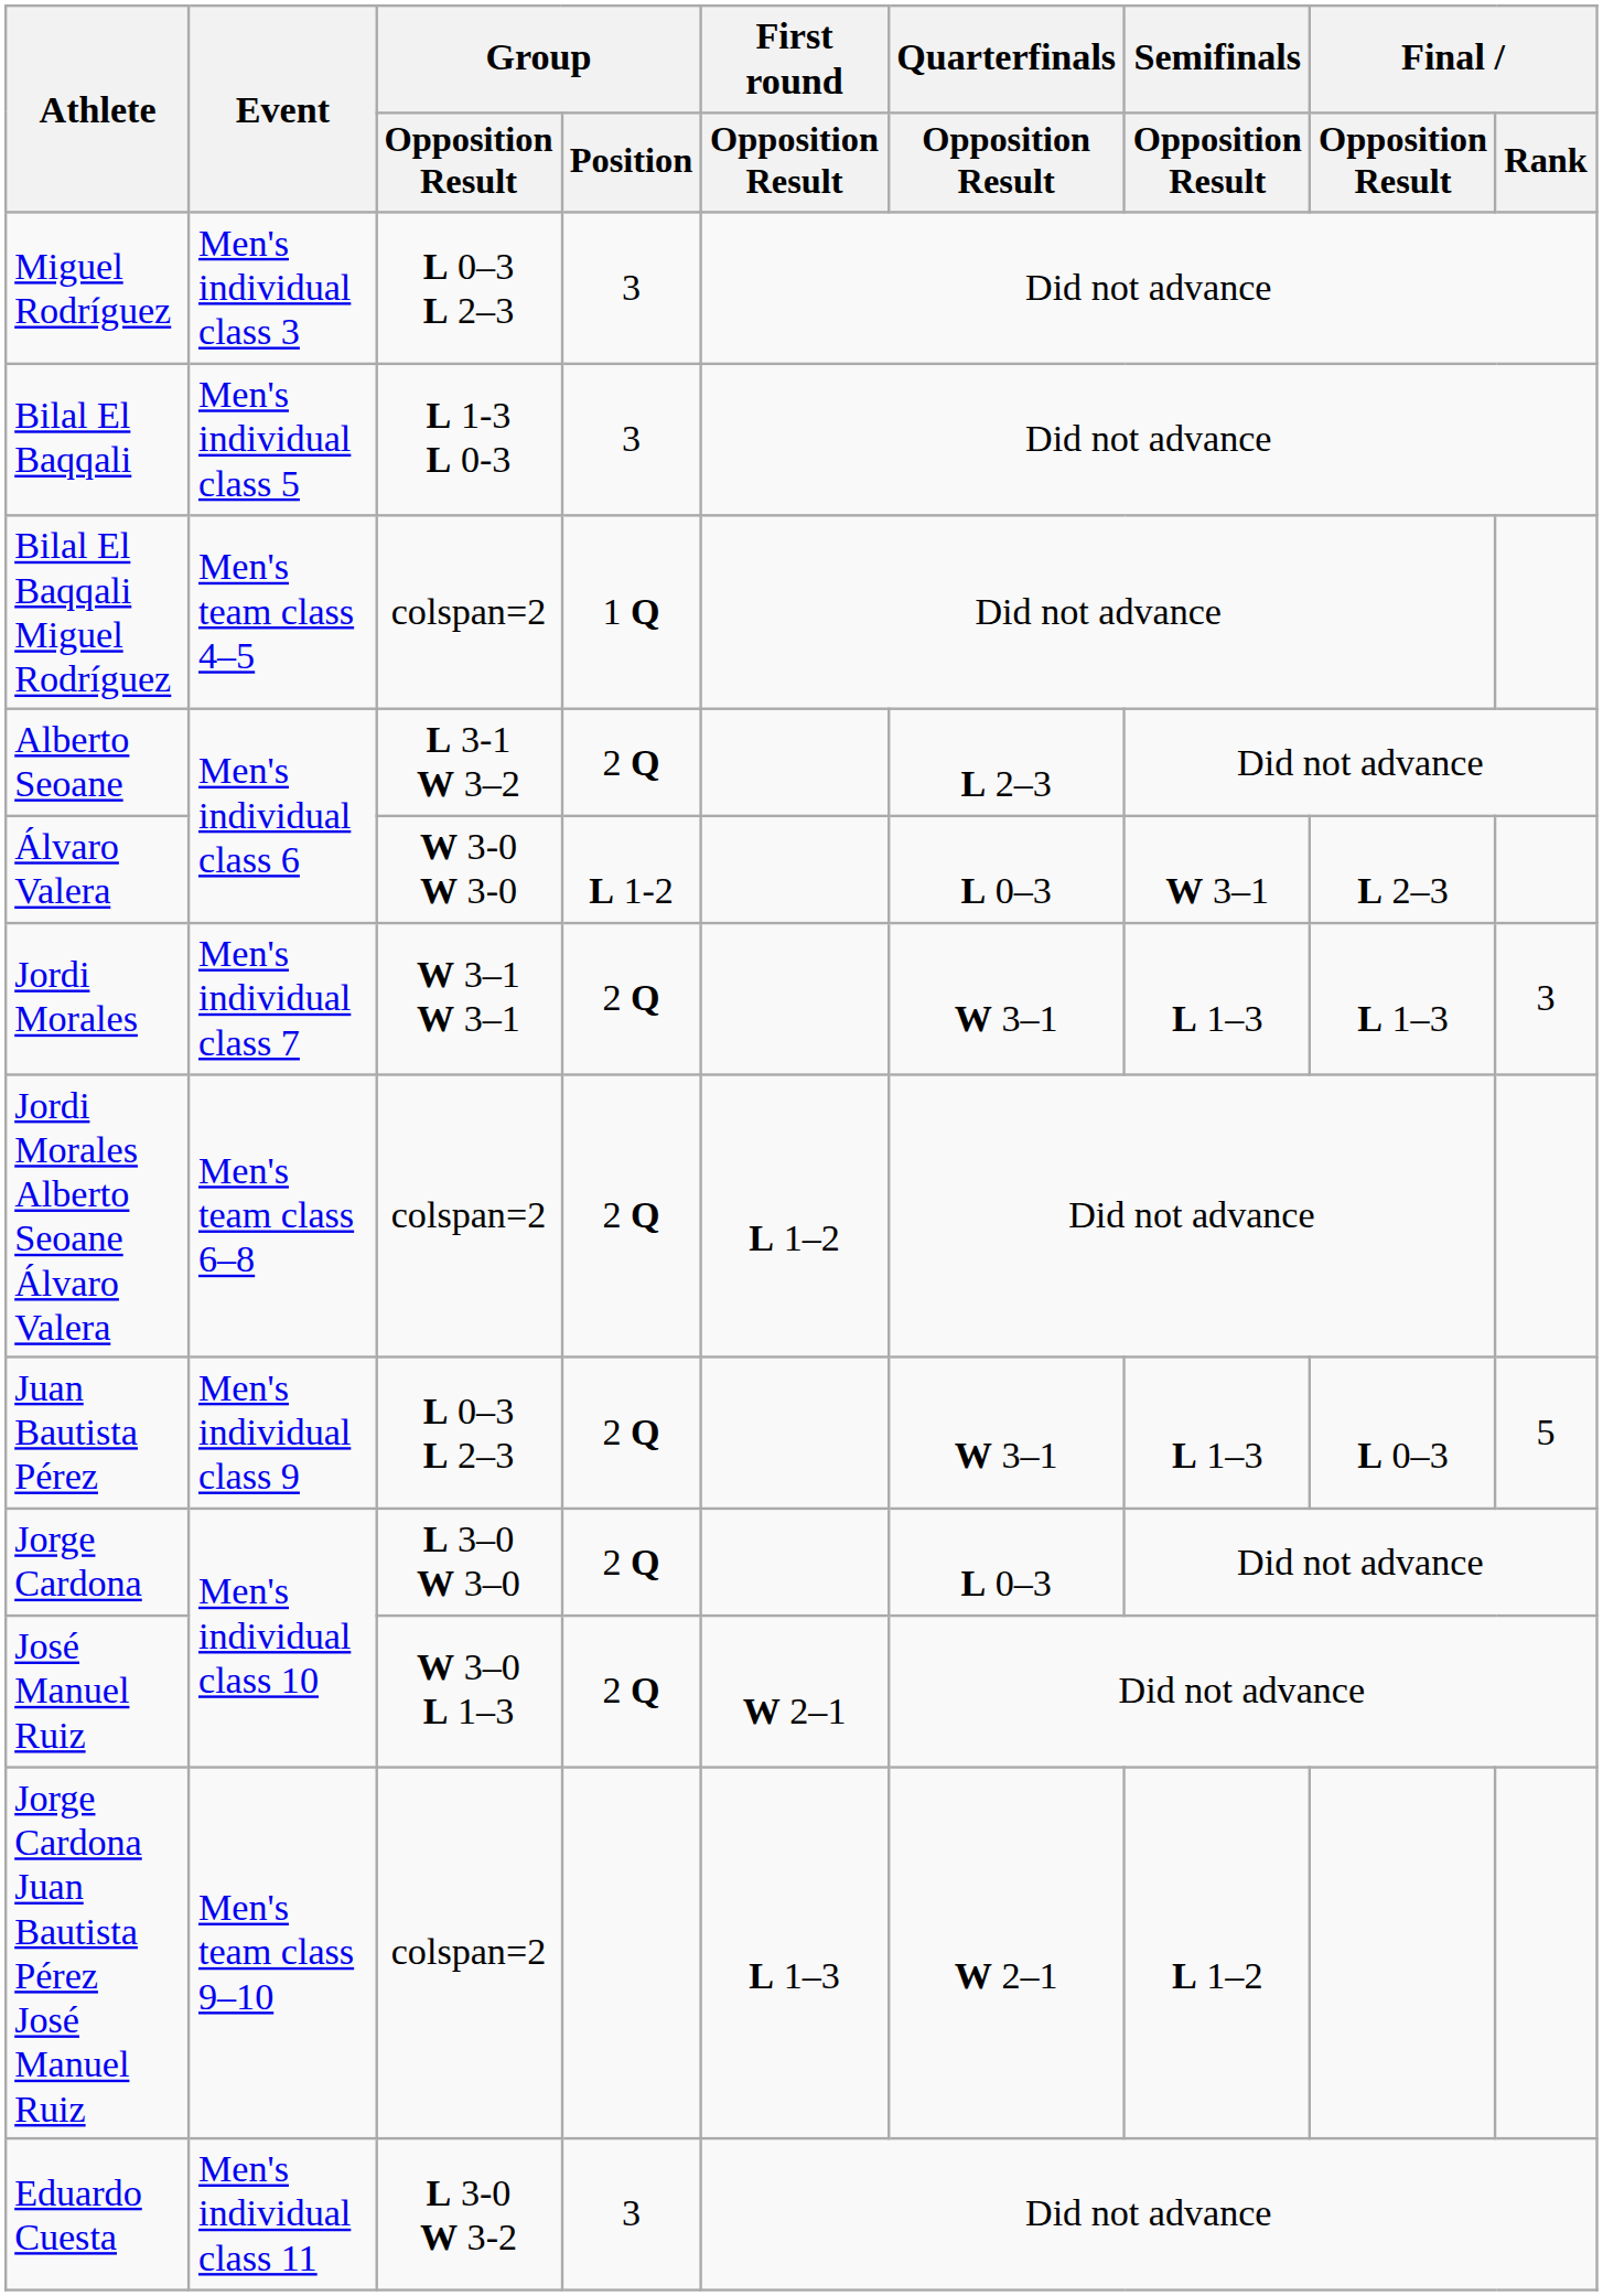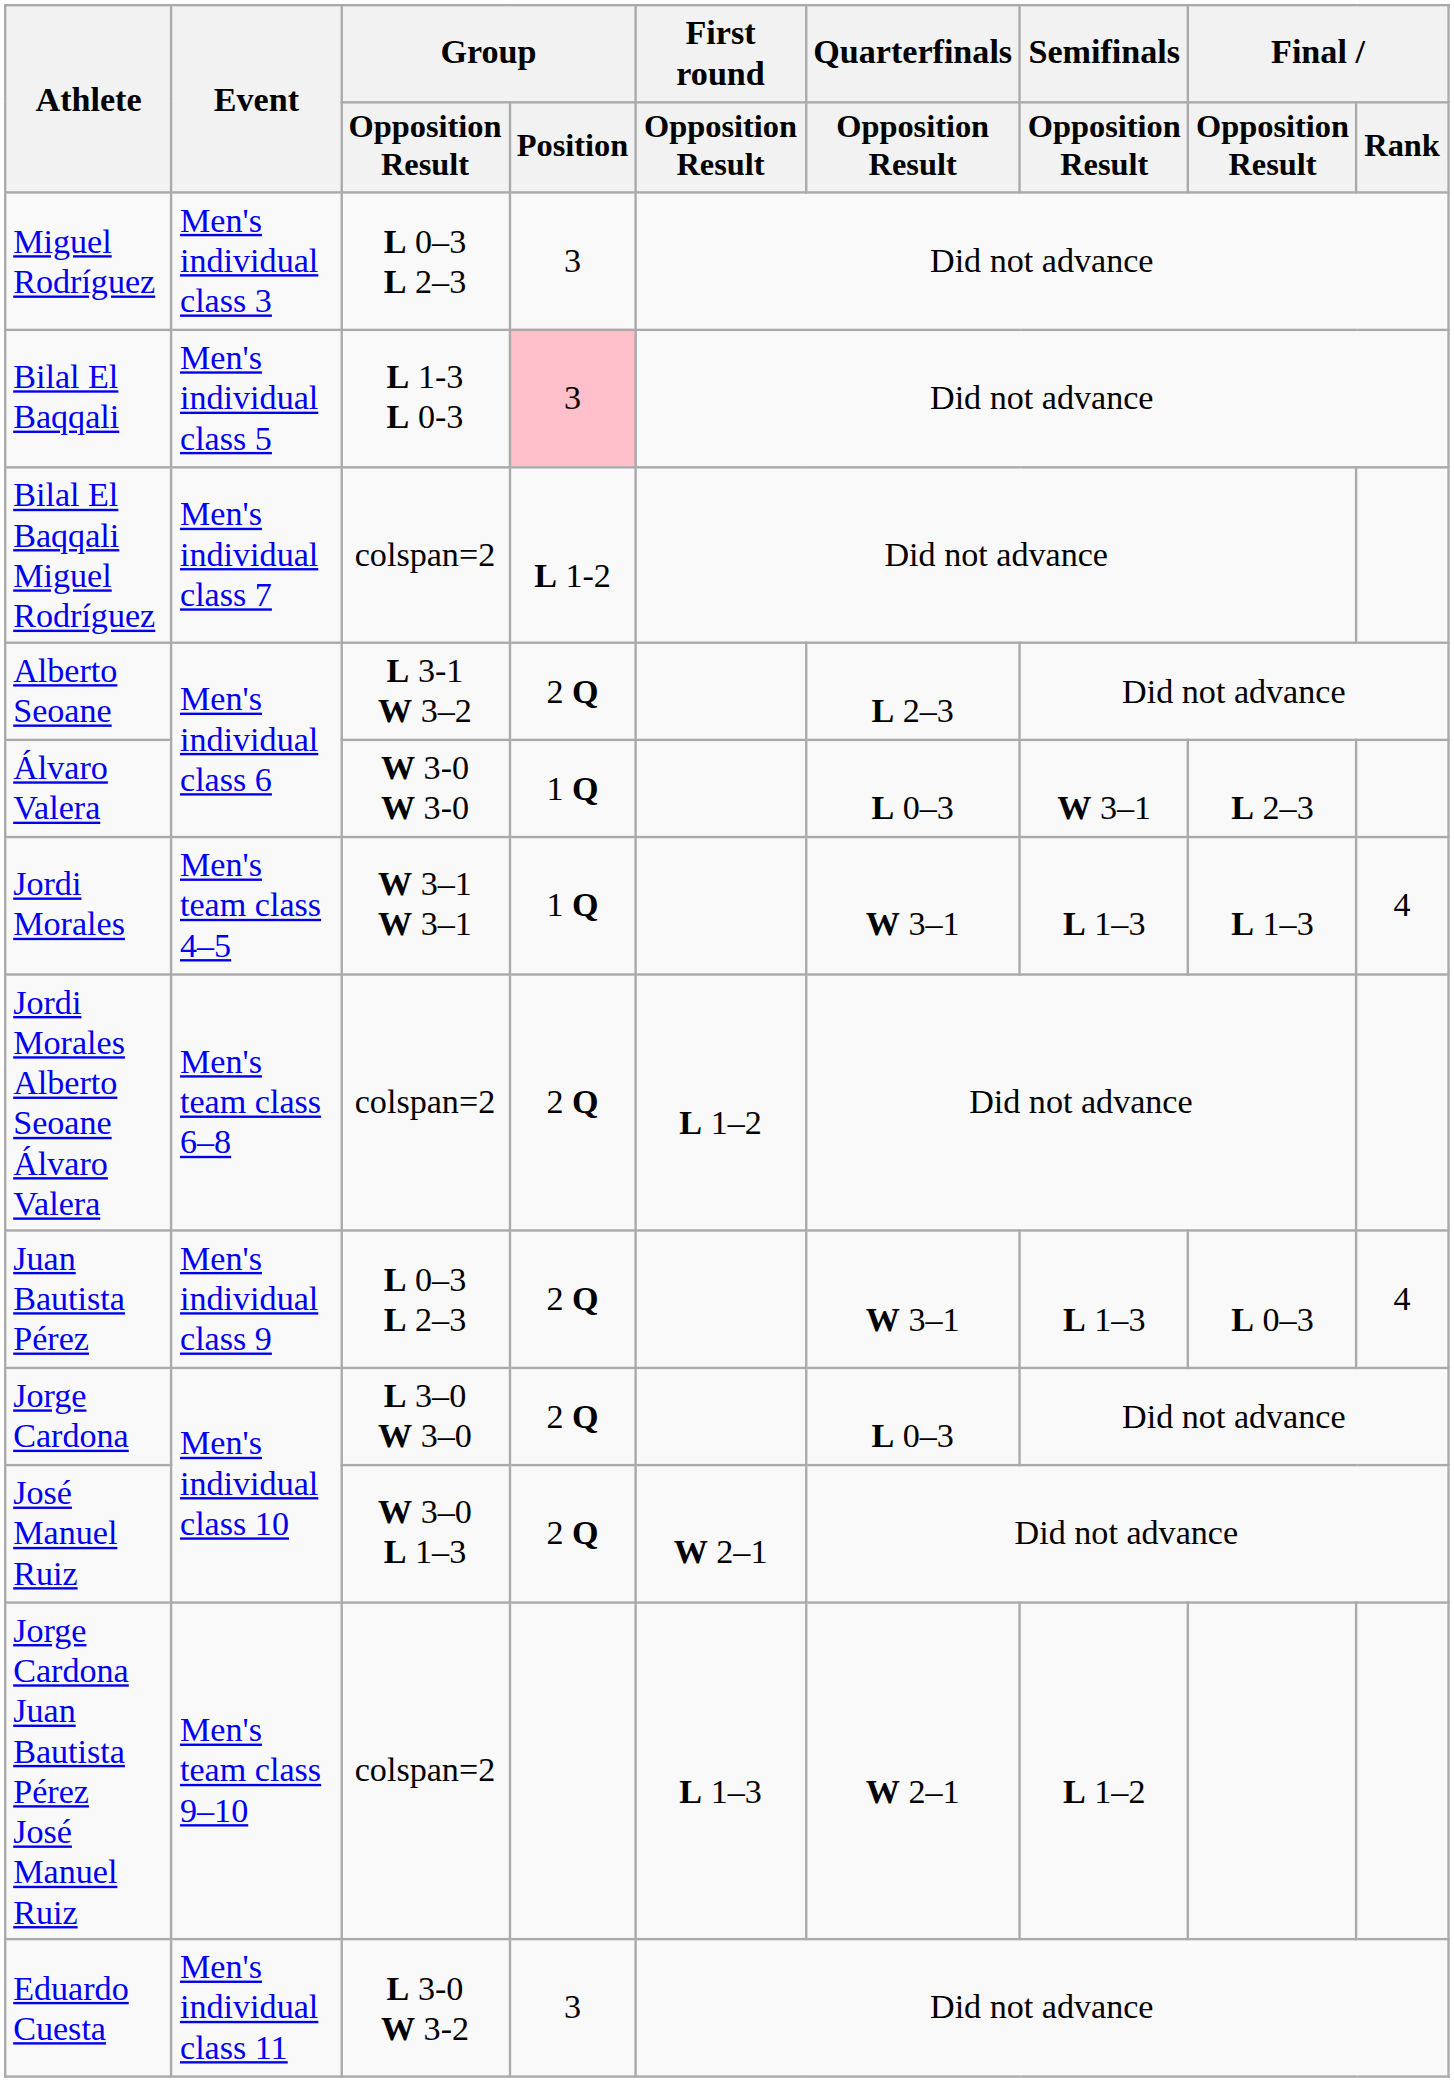 <table class="wikitable" style="font-size:90%;">
 <tr>
 <th rowspan=2>Athlete</th>
 <th rowspan=2>Event</th>
 <th colspan=2>Group</th>
 <th>First round</th>
 <th>Quarterfinals</th>
 <th>Semifinals</th>
 <th colspan=2>Final / </th>
 </tr>
 <tr style="font-size:95%">
 <th>Opposition<br>Result</th>
 <th>Position</th>
 <th>Opposition<br>Result</th>
 <th>Opposition<br>Result</th>
 <th>Opposition<br>Result</th>
 <th>Opposition<br>Result</th>
 <th>Rank</th>
 </tr>
 <tr align=center>
 <td align=left><a href='#'>Miguel Rodríguez</a></td>
 <td align=left><a href='#'>Men's individual class 3</a></td>
 <td> <strong>L</strong> 0–3<br> <strong>L</strong> 2–3</td>
 <td>3</td>
 <td colspan=5>Did not advance</td>
 </tr>
 <tr align=center>
 <td align=left><a href='#'>Bilal El Baqqali</a></td>
 <td align=left><a href='#'>Men's individual class 5</a></td>
 <td> <strong>L</strong> 1-3<br> <strong>L</strong> 0-3</td>
-<td>3</td>
+<td style="background: pink;">3</td>
 <td colspan=5>Did not advance</td>
 </tr>
 <tr align=center>
 <td align=left><a href='#'>Bilal El Baqqali</a><br><a href='#'>Miguel Rodríguez</a></td>
-<td align=left><a href='#'>Men's team class 4–5</a></td>
+<td align=left><a href='#'>Men's individual class 7</a></td>
 <td>colspan=2 </td>
-<td>1 <strong>Q</strong></td>
+<td><br> <strong>L</strong> 1-2</td>
 <td colspan=4>Did not advance</td>
 </tr>
 <tr align=center>
 <td align=left><a href='#'>Alberto Seoane</a></td>
 <td align=left rowspan=2><a href='#'>Men's individual class 6</a></td>
 <td> <strong>L</strong> 3-1<br> <strong>W</strong> 3–2</td>
 <td>2 <strong>Q</strong></td>
 <td></td>
 <td><br> <strong>L</strong>  2–3</td>
 <td colspan=3>Did not advance</td>
 </tr>
 <tr align=center>
 <td align=left><a href='#'>Álvaro Valera</a></td>
 <td> <strong>W</strong> 3-0<br> <strong>W</strong> 3-0</td>
-<td><br> <strong>L</strong> 1-2</td>
+<td>1 <strong>Q</strong></td>
 <td></td>
 <td><br> <strong>L</strong> 0–3</td>
 <td><br> <strong>W</strong> 3–1</td>
 <td><br> <strong>L</strong> 2–3</td>
 <td></td>
 </tr>
 <tr align=center>
 <td align=left><a href='#'>Jordi Morales</a></td>
-<td align=left><a href='#'>Men's individual class 7</a></td>
+<td align=left><a href='#'>Men's team class 4–5</a></td>
 <td> <strong>W</strong> 3–1<br> <strong>W</strong> 3–1</td>
-<td>2 <strong>Q</strong></td>
+<td>1 <strong>Q</strong></td>
 <td></td>
 <td><br> <strong>W</strong> 3–1</td>
 <td><br> <strong>L</strong> 1–3</td>
 <td><br>  <strong>L</strong>  1–3</td>
-<td>3</td>
+<td>4</td>
 </tr>
 <tr align=center>
 <td align=left><a href='#'>Jordi Morales</a><br><a href='#'>Alberto Seoane</a><br><a href='#'>Álvaro Valera</a></td>
 <td align=left><a href='#'>Men's team class 6–8</a></td>
 <td>colspan=2 </td>
 <td>2 <strong>Q</strong></td>
 <td><br> <strong>L</strong> 1–2</td>
 <td colspan=3>Did not advance</td>
 </tr>
 <tr align=center>
 <td align=left><a href='#'>Juan Bautista Pérez</a></td>
 <td align=left><a href='#'>Men's individual class 9</a></td>
 <td> <strong>L</strong> 0–3<br> <strong>L</strong> 2–3</td>
 <td>2 <strong>Q</strong></td>
 <td></td>
 <td><br> <strong>W</strong> 3–1</td>
 <td><br> <strong>L</strong> 1–3</td>
 <td><br> <strong>L</strong> 0–3</td>
-<td>5</td>
+<td>4</td>
 </tr>
 <tr align=center>
 <td align=left><a href='#'>Jorge Cardona</a></td>
 <td align=left rowspan=2><a href='#'>Men's individual class 10</a></td>
 <td> <strong>L</strong> 3–0<br> <strong>W</strong> 3–0</td>
 <td>2 <strong>Q</strong></td>
 <td></td>
 <td><br> <strong>L</strong> 0–3</td>
 <td colspan=3>Did not advance</td>
 </tr>
 <tr align=center>
 <td align=left><a href='#'>José Manuel Ruiz</a></td>
 <td> <strong>W</strong> 3–0<br> <strong>L</strong> 1–3</td>
 <td>2 <strong>Q</strong></td>
 <td><br> <strong>W</strong> 2–1</td>
 <td colspan=4>Did not advance</td>
 </tr>
 <tr align=center>
 <td align=left><a href='#'>Jorge Cardona</a><br><a href='#'>Juan Bautista Pérez</a><br><a href='#'>José Manuel Ruiz</a></td>
 <td align=left><a href='#'>Men's team class 9–10</a></td>
 <td>colspan=2 </td>
 <td></td>
 <td><br> <strong>L</strong> 1–3</td>
 <td><br> <strong>W</strong> 2–1</td>
 <td><br> <strong>L</strong> 1–2</td>
 <td></td>
 </tr>
 <tr align=center>
 <td align=left><a href='#'>Eduardo Cuesta</a></td>
 <td align=left><a href='#'>Men's individual class 11</a></td>
 <td> <strong>L</strong> 3-0 <br> <strong>W</strong> 3-2</td>
 <td>3</td>
 <td colspan=5>Did not advance</td>
 </tr>
 </table>
